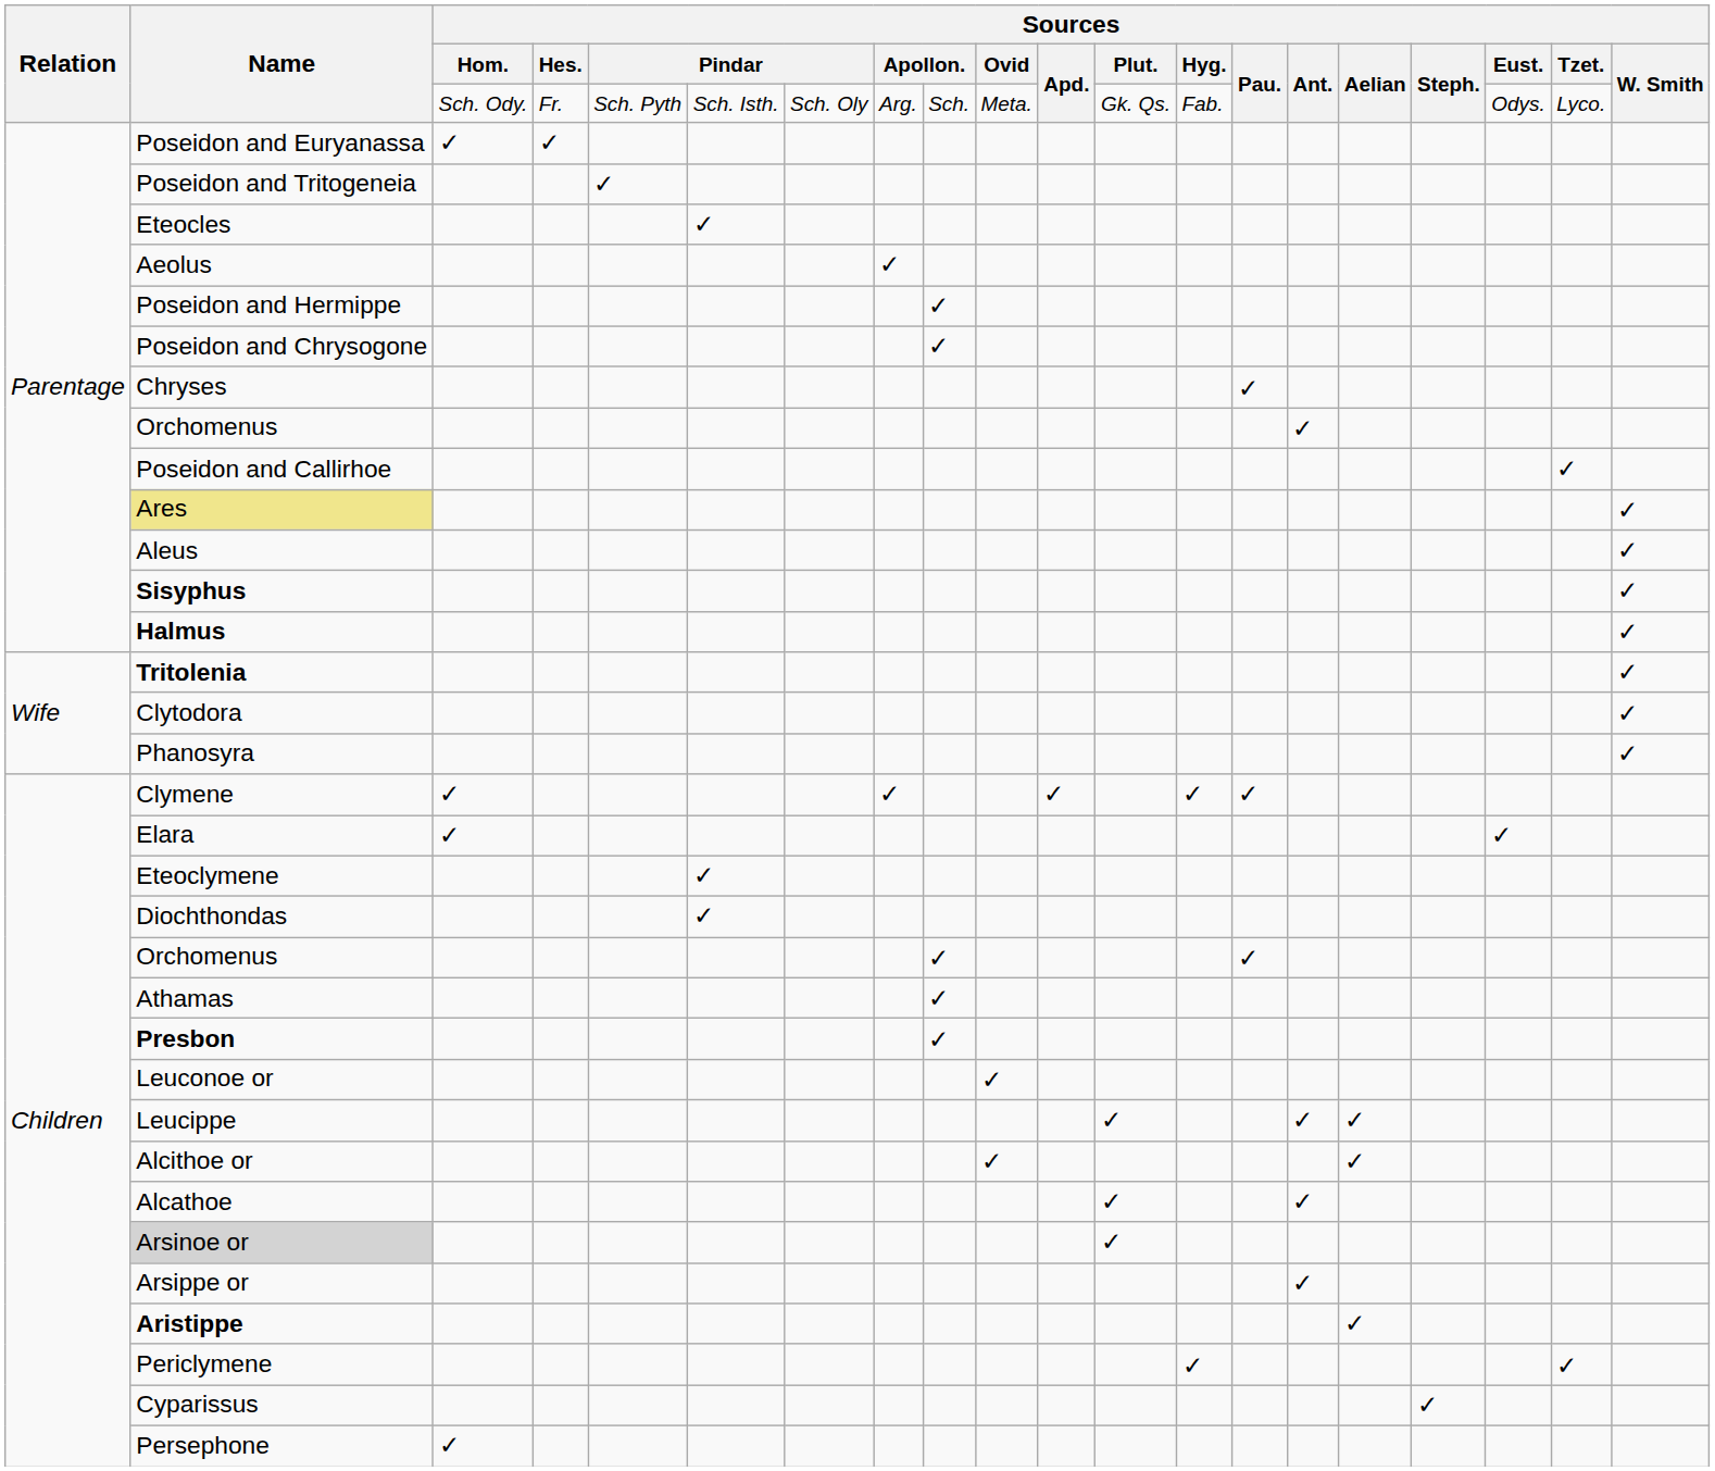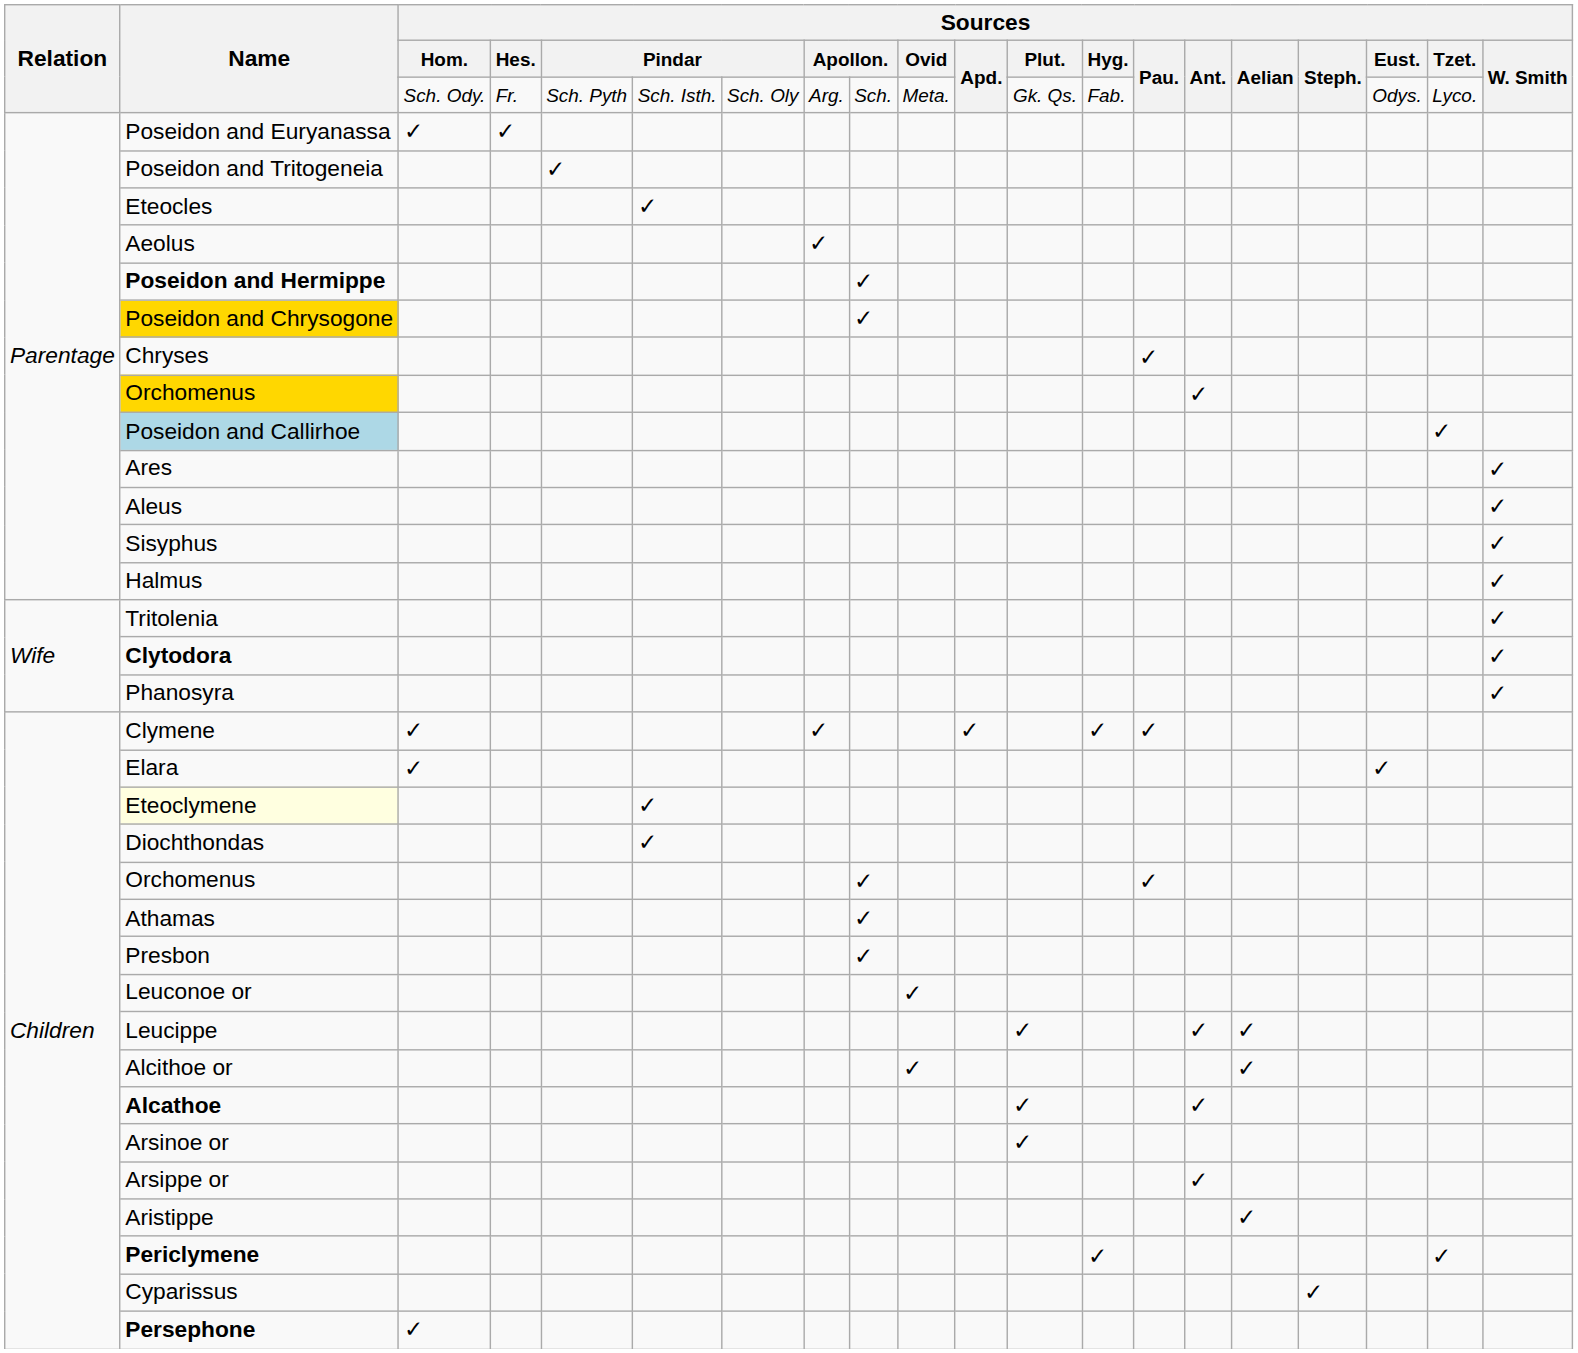 <table class="wikitable">
 <tr>
 <th rowspan="3">Relation</th>
 <th rowspan="3">Name</th>
 <th colspan="18">Sources</th>
 </tr>
 <tr>
 <th><small>Hom.</small></th>
 <th><small>Hes.</small></th>
 <th colspan="3"><small>Pindar</small></th>
 <th colspan="2"><small>Apollon.</small></th>
 <th><small>Ovid</small></th>
 <th rowspan="2"><small>Apd.</small></th>
 <th><small>Plut.</small></th>
 <th><small>Hyg.</small></th>
 <th rowspan="2"><small>Pau.</small></th>
 <th rowspan="2"><small>Ant.</small></th>
 <th rowspan="2"><small>Aelian</small></th>
 <th rowspan="2"><small>Steph.</small></th>
 <th><small>Eust.</small></th>
 <th><small>Tzet.</small></th>
 <th rowspan="2"><small>W. Smith</small></th>
 </tr>
 <tr>
 <td><em><small>Sch. Ody.</small></em></td>
 <td><em><small>Fr.</small></em></td>
 <td><em><small>Sch. Pyth</small></em></td>
 <td><em><small>Sch. Isth.</small></em></td>
 <td><em><small>Sch. Oly</small></em></td>
 <td><em><small>Arg.</small></em></td>
 <td><em><small>Sch.</small></em></td>
 <td><em><small>Meta.</small></em></td>
 <td><em><small>Gk. Qs.</small></em></td>
 <td><em><small>Fab.</small></em></td>
 <td><em><small>Odys.</small></em></td>
 <td><em><small>Lyco.</small></em></td>
 </tr>
 <tr>
 <td rowspan="13"><em>Parentage</em></td>
 <td>Poseidon and Euryanassa</td>
 <td>✓</td>
 <td>✓</td>
 <td></td>
 <td></td>
 <td></td>
 <td></td>
 <td></td>
 <td></td>
 <td></td>
 <td></td>
 <td></td>
 <td></td>
 <td></td>
 <td></td>
 <td></td>
 <td></td>
 <td></td>
 <td></td>
 </tr>
 <tr>
 <td>Poseidon and Tritogeneia</td>
 <td></td>
 <td></td>
 <td>✓</td>
 <td></td>
 <td></td>
 <td></td>
 <td></td>
 <td></td>
 <td></td>
 <td></td>
 <td></td>
 <td></td>
 <td></td>
 <td></td>
 <td></td>
 <td></td>
 <td></td>
 <td></td>
 </tr>
 <tr>
 <td>Eteocles</td>
 <td></td>
 <td></td>
 <td></td>
 <td>✓</td>
 <td></td>
 <td></td>
 <td></td>
 <td></td>
 <td></td>
 <td></td>
 <td></td>
 <td></td>
 <td></td>
 <td></td>
 <td></td>
 <td></td>
 <td></td>
 <td></td>
 </tr>
 <tr>
 <td>Aeolus</td>
 <td></td>
 <td></td>
 <td></td>
 <td></td>
 <td></td>
 <td>✓</td>
 <td></td>
 <td></td>
 <td></td>
 <td></td>
 <td></td>
 <td></td>
 <td></td>
 <td></td>
 <td></td>
 <td></td>
 <td></td>
 <td></td>
 </tr>
 <tr>
-<td>Poseidon and Hermippe</td>
+<td><strong>Poseidon and Hermippe</strong></td>
 <td></td>
 <td></td>
 <td></td>
 <td></td>
 <td></td>
 <td></td>
 <td>✓</td>
 <td></td>
 <td></td>
 <td></td>
 <td></td>
 <td></td>
 <td></td>
 <td></td>
 <td></td>
 <td></td>
 <td></td>
 <td></td>
 </tr>
 <tr>
-<td>Poseidon and Chrysogone</td>
+<td style="background: gold;">Poseidon and Chrysogone</td>
 <td></td>
 <td></td>
 <td></td>
 <td></td>
 <td></td>
 <td></td>
 <td>✓</td>
 <td></td>
 <td></td>
 <td></td>
 <td></td>
 <td></td>
 <td></td>
 <td></td>
 <td></td>
 <td></td>
 <td></td>
 <td></td>
 </tr>
 <tr>
 <td>Chryses</td>
 <td></td>
 <td></td>
 <td></td>
 <td></td>
 <td></td>
 <td></td>
 <td></td>
 <td></td>
 <td></td>
 <td></td>
 <td></td>
 <td>✓</td>
 <td></td>
 <td></td>
 <td></td>
 <td></td>
 <td></td>
 <td></td>
 </tr>
 <tr>
-<td>Orchomenus</td>
+<td style="background: gold;">Orchomenus</td>
 <td></td>
 <td></td>
 <td></td>
 <td></td>
 <td></td>
 <td></td>
 <td></td>
 <td></td>
 <td></td>
 <td></td>
 <td></td>
 <td></td>
 <td>✓</td>
 <td></td>
 <td></td>
 <td></td>
 <td></td>
 <td></td>
 </tr>
 <tr>
-<td>Poseidon and Callirhoe</td>
+<td style="background: lightblue;">Poseidon and Callirhoe</td>
 <td></td>
 <td></td>
 <td></td>
 <td></td>
 <td></td>
 <td></td>
 <td></td>
 <td></td>
 <td></td>
 <td></td>
 <td></td>
 <td></td>
 <td></td>
 <td></td>
 <td></td>
 <td></td>
 <td>✓</td>
 <td></td>
 </tr>
 <tr>
-<td style="background: khaki;">Ares</td>
+<td>Ares</td>
 <td></td>
 <td></td>
 <td></td>
 <td></td>
 <td></td>
 <td></td>
 <td></td>
 <td></td>
 <td></td>
 <td></td>
 <td></td>
 <td></td>
 <td></td>
 <td></td>
 <td></td>
 <td></td>
 <td></td>
 <td>✓</td>
 </tr>
 <tr>
 <td>Aleus</td>
 <td></td>
 <td></td>
 <td></td>
 <td></td>
 <td></td>
 <td></td>
 <td></td>
 <td></td>
 <td></td>
 <td></td>
 <td></td>
 <td></td>
 <td></td>
 <td></td>
 <td></td>
 <td></td>
 <td></td>
 <td>✓</td>
 </tr>
 <tr>
-<td><strong>Sisyphus</strong></td>
+<td>Sisyphus</td>
 <td></td>
 <td></td>
 <td></td>
 <td></td>
 <td></td>
 <td></td>
 <td></td>
 <td></td>
 <td></td>
 <td></td>
 <td></td>
 <td></td>
 <td></td>
 <td></td>
 <td></td>
 <td></td>
 <td></td>
 <td>✓</td>
 </tr>
 <tr>
-<td><strong>Halmus</strong></td>
+<td>Halmus</td>
 <td></td>
 <td></td>
 <td></td>
 <td></td>
 <td></td>
 <td></td>
 <td></td>
 <td></td>
 <td></td>
 <td></td>
 <td></td>
 <td></td>
 <td></td>
 <td></td>
 <td></td>
 <td></td>
 <td></td>
 <td>✓</td>
 </tr>
 <tr>
 <td rowspan="3"><em>Wife</em></td>
-<td><strong>Tritolenia</strong></td>
+<td>Tritolenia</td>
 <td></td>
 <td></td>
 <td></td>
 <td></td>
 <td></td>
 <td></td>
 <td></td>
 <td></td>
 <td></td>
 <td></td>
 <td></td>
 <td></td>
 <td></td>
 <td></td>
 <td></td>
 <td></td>
 <td></td>
 <td>✓</td>
 </tr>
 <tr>
-<td>Clytodora</td>
+<td><strong>Clytodora</strong></td>
 <td></td>
 <td></td>
 <td></td>
 <td></td>
 <td></td>
 <td></td>
 <td></td>
 <td></td>
 <td></td>
 <td></td>
 <td></td>
 <td></td>
 <td></td>
 <td></td>
 <td></td>
 <td></td>
 <td></td>
 <td>✓</td>
 </tr>
 <tr>
 <td>Phanosyra</td>
 <td></td>
 <td></td>
 <td></td>
 <td></td>
 <td></td>
 <td></td>
 <td></td>
 <td></td>
 <td></td>
 <td></td>
 <td></td>
 <td></td>
 <td></td>
 <td></td>
 <td></td>
 <td></td>
 <td></td>
 <td>✓</td>
 </tr>
 <tr>
 <td rowspan="17"><em>Children</em></td>
 <td>Clymene</td>
 <td>✓</td>
 <td></td>
 <td></td>
 <td></td>
 <td></td>
 <td>✓</td>
 <td></td>
 <td></td>
 <td>✓</td>
 <td></td>
 <td>✓</td>
 <td>✓</td>
 <td></td>
 <td></td>
 <td></td>
 <td></td>
 <td></td>
 <td></td>
 </tr>
 <tr>
 <td>Elara</td>
 <td>✓</td>
 <td></td>
 <td></td>
 <td></td>
 <td></td>
 <td></td>
 <td></td>
 <td></td>
 <td></td>
 <td></td>
 <td></td>
 <td></td>
 <td></td>
 <td></td>
 <td></td>
 <td>✓</td>
 <td></td>
 <td></td>
 </tr>
 <tr>
-<td>Eteoclymene</td>
+<td style="background: lightyellow;">Eteoclymene</td>
 <td></td>
 <td></td>
 <td></td>
 <td>✓</td>
 <td></td>
 <td></td>
 <td></td>
 <td></td>
 <td></td>
 <td></td>
 <td></td>
 <td></td>
 <td></td>
 <td></td>
 <td></td>
 <td></td>
 <td></td>
 <td></td>
 </tr>
 <tr>
 <td>Diochthondas</td>
 <td></td>
 <td></td>
 <td></td>
 <td>✓</td>
 <td></td>
 <td></td>
 <td></td>
 <td></td>
 <td></td>
 <td></td>
 <td></td>
 <td></td>
 <td></td>
 <td></td>
 <td></td>
 <td></td>
 <td></td>
 <td></td>
 </tr>
 <tr>
 <td>Orchomenus</td>
 <td></td>
 <td></td>
 <td></td>
 <td></td>
 <td></td>
 <td></td>
 <td>✓</td>
 <td></td>
 <td></td>
 <td></td>
 <td></td>
 <td>✓</td>
 <td></td>
 <td></td>
 <td></td>
 <td></td>
 <td></td>
 <td></td>
 </tr>
 <tr>
 <td>Athamas</td>
 <td></td>
 <td></td>
 <td></td>
 <td></td>
 <td></td>
 <td></td>
 <td>✓</td>
 <td></td>
 <td></td>
 <td></td>
 <td></td>
 <td></td>
 <td></td>
 <td></td>
 <td></td>
 <td></td>
 <td></td>
 <td></td>
 </tr>
 <tr>
-<td><strong>Presbon</strong></td>
+<td>Presbon</td>
 <td></td>
 <td></td>
 <td></td>
 <td></td>
 <td></td>
 <td></td>
 <td>✓</td>
 <td></td>
 <td></td>
 <td></td>
 <td></td>
 <td></td>
 <td></td>
 <td></td>
 <td></td>
 <td></td>
 <td></td>
 <td></td>
 </tr>
 <tr>
 <td>Leuconoe or</td>
 <td></td>
 <td></td>
 <td></td>
 <td></td>
 <td></td>
 <td></td>
 <td></td>
 <td>✓</td>
 <td></td>
 <td></td>
 <td></td>
 <td></td>
 <td></td>
 <td></td>
 <td></td>
 <td></td>
 <td></td>
 <td></td>
 </tr>
 <tr>
 <td>Leucippe</td>
 <td></td>
 <td></td>
 <td></td>
 <td></td>
 <td></td>
 <td></td>
 <td></td>
 <td></td>
 <td></td>
 <td>✓</td>
 <td></td>
 <td></td>
 <td>✓</td>
 <td>✓</td>
 <td></td>
 <td></td>
 <td></td>
 <td></td>
 </tr>
 <tr>
 <td>Alcithoe or</td>
 <td></td>
 <td></td>
 <td></td>
 <td></td>
 <td></td>
 <td></td>
 <td></td>
 <td>✓</td>
 <td></td>
 <td></td>
 <td></td>
 <td></td>
 <td></td>
 <td>✓</td>
 <td></td>
 <td></td>
 <td></td>
 <td></td>
 </tr>
 <tr>
-<td>Alcathoe</td>
+<td><strong>Alcathoe</strong></td>
 <td></td>
 <td></td>
 <td></td>
 <td></td>
 <td></td>
 <td></td>
 <td></td>
 <td></td>
 <td></td>
 <td>✓</td>
 <td></td>
 <td></td>
 <td>✓</td>
 <td></td>
 <td></td>
 <td></td>
 <td></td>
 <td></td>
 </tr>
 <tr>
-<td style="background: lightgrey;">Arsinoe or</td>
+<td>Arsinoe or</td>
 <td></td>
 <td></td>
 <td></td>
 <td></td>
 <td></td>
 <td></td>
 <td></td>
 <td></td>
 <td></td>
 <td>✓</td>
 <td></td>
 <td></td>
 <td></td>
 <td></td>
 <td></td>
 <td></td>
 <td></td>
 <td></td>
 </tr>
 <tr>
 <td>Arsippe or</td>
 <td></td>
 <td></td>
 <td></td>
 <td></td>
 <td></td>
 <td></td>
 <td></td>
 <td></td>
 <td></td>
 <td></td>
 <td></td>
 <td></td>
 <td>✓</td>
 <td></td>
 <td></td>
 <td></td>
 <td></td>
 <td></td>
 </tr>
 <tr>
-<td><strong>Aristippe</strong></td>
+<td>Aristippe</td>
 <td></td>
 <td></td>
 <td></td>
 <td></td>
 <td></td>
 <td></td>
 <td></td>
 <td></td>
 <td></td>
 <td></td>
 <td></td>
 <td></td>
 <td></td>
 <td>✓</td>
 <td></td>
 <td></td>
 <td></td>
 <td></td>
 </tr>
 <tr>
-<td>Periclymene</td>
+<td><strong>Periclymene</strong></td>
 <td></td>
 <td></td>
 <td></td>
 <td></td>
 <td></td>
 <td></td>
 <td></td>
 <td></td>
 <td></td>
 <td></td>
 <td>✓</td>
 <td></td>
 <td></td>
 <td></td>
 <td></td>
 <td></td>
 <td>✓</td>
 <td></td>
 </tr>
 <tr>
 <td>Cyparissus</td>
 <td></td>
 <td></td>
 <td></td>
 <td></td>
 <td></td>
 <td></td>
 <td></td>
 <td></td>
 <td></td>
 <td></td>
 <td></td>
 <td></td>
 <td></td>
 <td></td>
 <td>✓</td>
 <td></td>
 <td></td>
 <td></td>
 </tr>
 <tr>
-<td>Persephone</td>
+<td><strong>Persephone</strong></td>
 <td>✓</td>
 <td></td>
 <td></td>
 <td></td>
 <td></td>
 <td></td>
 <td></td>
 <td></td>
 <td></td>
 <td></td>
 <td></td>
 <td></td>
 <td></td>
 <td></td>
 <td></td>
 <td></td>
 <td></td>
 <td></td>
 </tr>
 </table>
